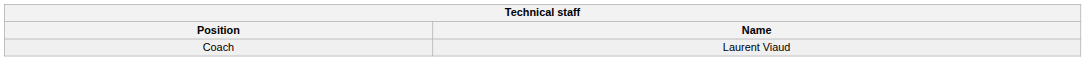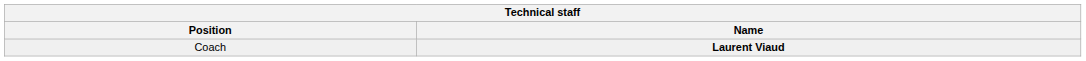 <table class="wikitable" style="background-color:#F0F0F0; color:#000000; width:100%; text-align:center;">
 <tr>
 <th colspan="2">Technical staff</th>
 </tr>
 <tr>
 <th>Position</th>
 <th>Name</th>
 </tr>
 <tr>
 <td>Coach</td>
-<td>Laurent Viaud</td>
+<td><strong>Laurent Viaud</strong></td>
 </tr>
 </table>
